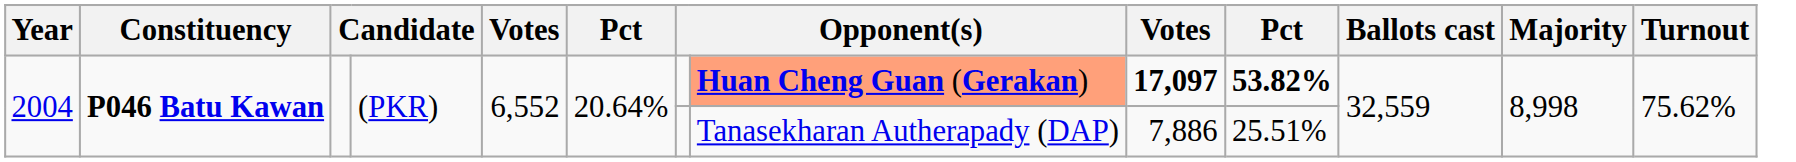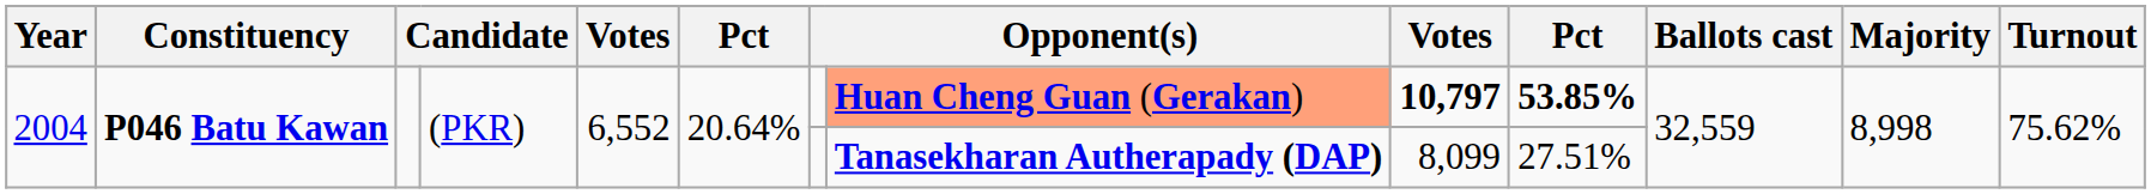 <table class="wikitable" style="margin:0.5em ; font-size:95%">
 <tr>
 <th>Year</th>
 <th>Constituency</th>
 <th colspan=2>Candidate</th>
 <th>Votes</th>
 <th>Pct</th>
 <th colspan=2>Opponent(s)</th>
 <th>Votes</th>
 <th>Pct</th>
 <th>Ballots cast</th>
 <th>Majority</th>
 <th>Turnout</th>
 </tr>
 <tr>
 <td rowspan=2><a href='#'>2004</a></td>
 <td rowspan=2><strong>P046 <a href='#'>Batu Kawan</a></strong></td>
 <td rowspan=2 ></td>
 <td rowspan=2> (<a href='#'>PKR</a>)</td>
 <td rowspan=2 align="right">6,552</td>
 <td rowspan=2>20.64%</td>
 <td></td>
 <td style="background: lightsalmon;"><strong><a href='#'>Huan Cheng Guan</a></strong> (<a href='#'><strong>Gerakan</strong></a>)</td>
-<td align="right"><strong>17,097</strong></td>
-<td><strong>53.82%</strong></td>
+<td align="right"><strong>10,797</strong></td>
+<td><strong>53.85%</strong></td>
 <td rowspan=2>32,559</td>
 <td rowspan=2>8,998</td>
 <td rowspan=2>75.62%</td>
 </tr>
 <tr>
 <td></td>
-<td><a href='#'>Tanasekharan Autherapady</a> (<a href='#'>DAP</a>)</td>
-<td align="right">7,886</td>
-<td>25.51%</td>
+<td><strong><a href='#'>Tanasekharan Autherapady</a> (<a href='#'>DAP</a>)</strong></td>
+<td align="right">8,099</td>
+<td>27.51%</td>
 </tr>
 </table>
